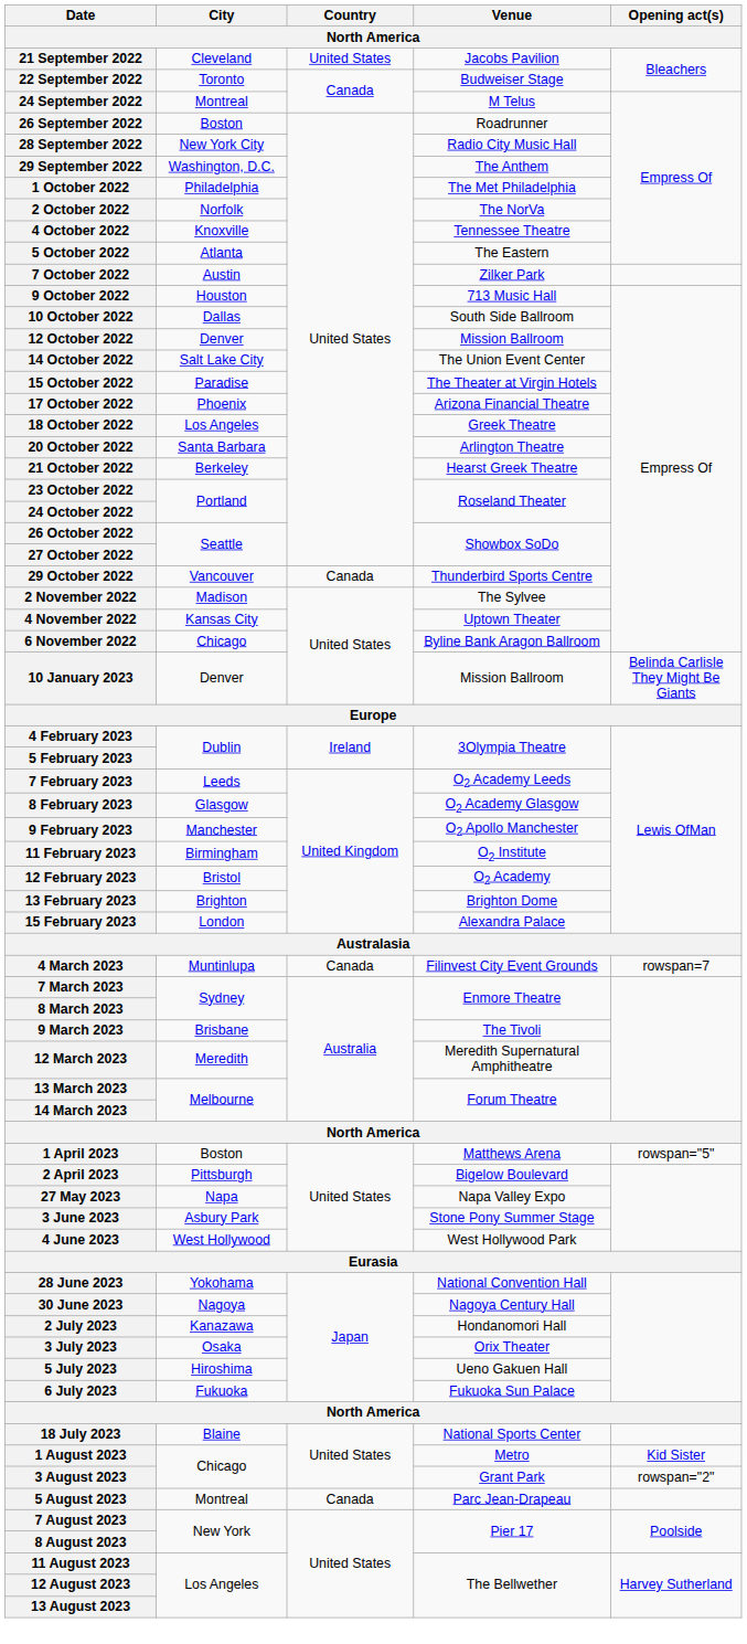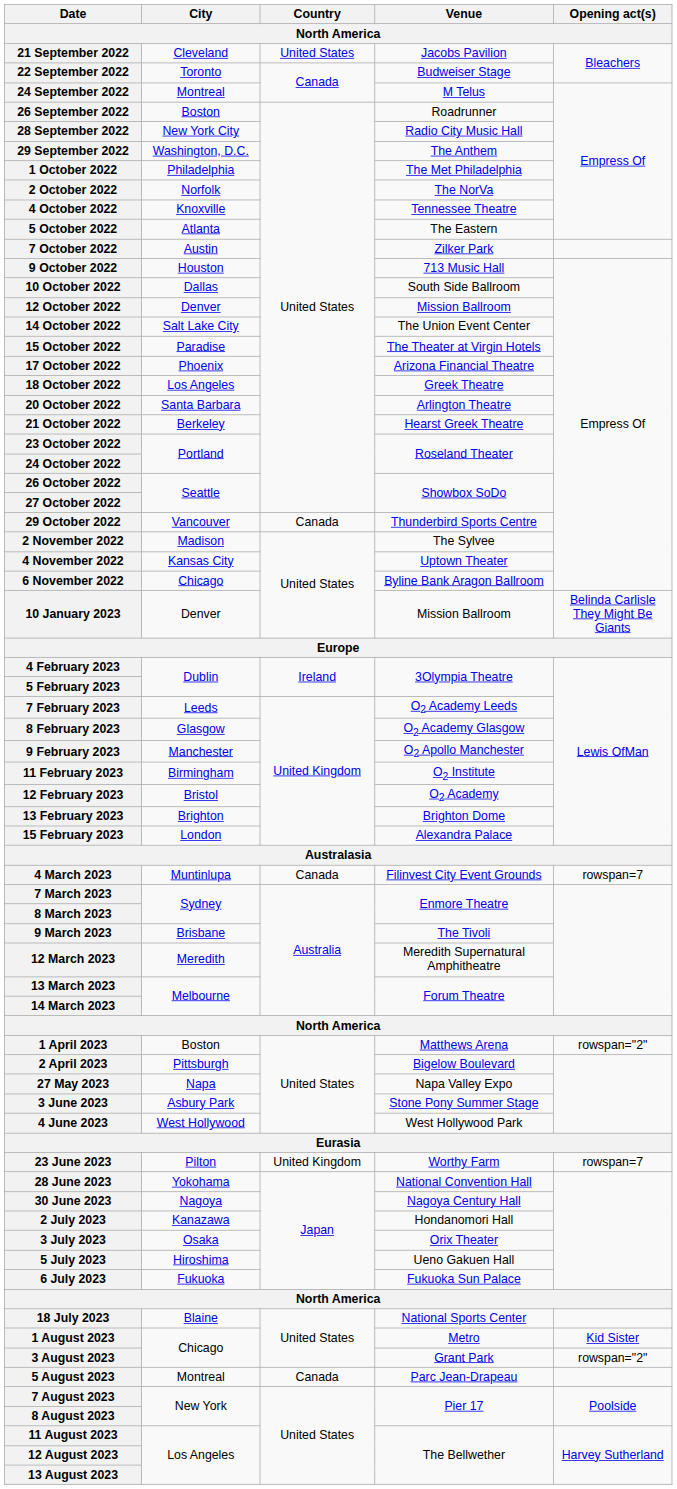 <table class="wikitable plainrowheaders" style="text-align:center;">
 <tr>
 <th scope="col" style="width:12em;">Date</th>
 <th scope="col" style="width:10em;">City</th>
 <th scope="col" style="width:10em;">Country</th>
 <th scope="col" style="width:16em;">Venue</th>
 <th scope="col" style="width:10em;">Opening act(s)</th>
 </tr>
 <tr>
 <th colspan="5">North America</th>
 </tr>
 <tr>
 <th scope="row">21 September 2022</th>
 <td><a href='#'>Cleveland</a></td>
 <td><a href='#'>United States</a></td>
 <td><a href='#'>Jacobs Pavilion</a></td>
 <td rowspan="2"><a href='#'>Bleachers</a></td>
 </tr>
 <tr>
 <th scope="row">22 September 2022</th>
 <td><a href='#'>Toronto</a></td>
 <td rowspan="2"><a href='#'>Canada</a></td>
 <td><a href='#'>Budweiser Stage</a></td>
 </tr>
 <tr>
 <th scope="row">24 September 2022</th>
 <td><a href='#'>Montreal</a></td>
 <td><a href='#'>M Telus</a></td>
 <td rowspan="8"><a href='#'>Empress Of</a></td>
 </tr>
 <tr>
 <th scope="row">26 September 2022</th>
 <td><a href='#'>Boston</a></td>
 <td rowspan="21">United States</td>
 <td>Roadrunner</td>
 </tr>
 <tr>
 <th scope="row">28 September 2022</th>
 <td><a href='#'>New York City</a></td>
 <td><a href='#'>Radio City Music Hall</a></td>
 </tr>
 <tr>
 <th scope="row">29 September 2022</th>
 <td><a href='#'>Washington, D.C.</a></td>
 <td><a href='#'>The Anthem</a></td>
 </tr>
 <tr>
 <th scope="row">1 October 2022</th>
 <td><a href='#'>Philadelphia</a></td>
 <td><a href='#'>The Met Philadelphia</a></td>
 </tr>
 <tr>
 <th scope="row">2 October 2022</th>
 <td><a href='#'>Norfolk</a></td>
 <td><a href='#'>The NorVa</a></td>
 </tr>
 <tr>
 <th scope="row">4 October 2022</th>
 <td><a href='#'>Knoxville</a></td>
 <td><a href='#'>Tennessee Theatre</a></td>
 </tr>
 <tr>
 <th scope="row">5 October 2022</th>
 <td><a href='#'>Atlanta</a></td>
 <td>The Eastern</td>
 </tr>
 <tr>
 <th scope="row">7 October 2022</th>
 <td><a href='#'>Austin</a></td>
 <td><a href='#'>Zilker Park</a></td>
 <td></td>
 </tr>
 <tr>
 <th scope="row">9 October 2022</th>
 <td><a href='#'>Houston</a></td>
 <td><a href='#'>713 Music Hall</a></td>
 <td rowspan="17">Empress Of</td>
 </tr>
 <tr>
 <th scope="row">10 October 2022</th>
 <td><a href='#'>Dallas</a></td>
 <td>South Side Ballroom</td>
 </tr>
 <tr>
 <th scope="row">12 October 2022</th>
 <td><a href='#'>Denver</a></td>
 <td><a href='#'>Mission Ballroom</a></td>
 </tr>
 <tr>
 <th scope="row">14 October 2022</th>
 <td><a href='#'>Salt Lake City</a></td>
 <td>The Union Event Center</td>
 </tr>
 <tr>
 <th scope="row">15 October 2022</th>
 <td><a href='#'>Paradise</a></td>
 <td><a href='#'>The Theater at Virgin Hotels</a></td>
 </tr>
 <tr>
 <th scope="row">17 October 2022</th>
 <td><a href='#'>Phoenix</a></td>
 <td><a href='#'>Arizona Financial Theatre</a></td>
 </tr>
 <tr>
 <th scope="row">18 October 2022</th>
 <td><a href='#'>Los Angeles</a></td>
 <td><a href='#'>Greek Theatre</a></td>
 </tr>
 <tr>
 <th scope="row">20 October 2022</th>
 <td><a href='#'>Santa Barbara</a></td>
 <td><a href='#'>Arlington Theatre</a></td>
 </tr>
 <tr>
 <th scope="row">21 October 2022</th>
 <td><a href='#'>Berkeley</a></td>
 <td><a href='#'>Hearst Greek Theatre</a></td>
 </tr>
 <tr>
 <th scope="row">23 October 2022</th>
 <td rowspan="2"><a href='#'>Portland</a></td>
 <td rowspan="2"><a href='#'>Roseland Theater</a></td>
 </tr>
 <tr>
 <th scope="row">24 October 2022</th>
 </tr>
 <tr>
 <th scope="row">26 October 2022</th>
 <td rowspan="2"><a href='#'>Seattle</a></td>
 <td rowspan="2"><a href='#'>Showbox SoDo</a></td>
 </tr>
 <tr>
 <th scope="row">27 October 2022</th>
 </tr>
 <tr>
 <th scope="row">29 October 2022</th>
 <td><a href='#'>Vancouver</a></td>
 <td>Canada</td>
 <td><a href='#'>Thunderbird Sports Centre</a></td>
 </tr>
 <tr>
 <th scope="row">2 November 2022</th>
 <td><a href='#'>Madison</a></td>
 <td rowspan="4">United States</td>
 <td>The Sylvee</td>
 </tr>
 <tr>
 <th scope="row">4 November 2022</th>
 <td><a href='#'>Kansas City</a></td>
 <td><a href='#'>Uptown Theater</a></td>
 </tr>
 <tr>
 <th scope="row">6 November 2022</th>
 <td><a href='#'>Chicago</a></td>
 <td><a href='#'>Byline Bank Aragon Ballroom</a></td>
 </tr>
 <tr>
 <th scope="row">10 January 2023</th>
 <td>Denver</td>
 <td>Mission Ballroom</td>
 <td><a href='#'>Belinda Carlisle</a><br><a href='#'>They Might Be Giants</a></td>
 </tr>
 <tr>
 <th colspan="5">Europe</th>
 </tr>
 <tr>
 <th scope="row">4 February 2023</th>
 <td rowspan="2"><a href='#'>Dublin</a></td>
 <td rowspan="2"><a href='#'>Ireland</a></td>
 <td rowspan="2"><a href='#'>3Olympia Theatre</a></td>
 <td rowspan="9"><a href='#'>Lewis OfMan</a></td>
 </tr>
 <tr>
 <th scope="row">5 February 2023</th>
 </tr>
 <tr>
 <th scope="row">7 February 2023</th>
 <td><a href='#'>Leeds</a></td>
 <td rowspan="7"><a href='#'>United Kingdom</a></td>
 <td><a href='#'>O<sub>2</sub> Academy Leeds</a></td>
 </tr>
 <tr>
 <th scope="row">8 February 2023</th>
 <td><a href='#'>Glasgow</a></td>
 <td><a href='#'>O<sub>2</sub> Academy Glasgow</a></td>
 </tr>
 <tr>
 <th scope="row">9 February 2023</th>
 <td><a href='#'>Manchester</a></td>
 <td><a href='#'>O<sub>2</sub> Apollo Manchester</a></td>
 </tr>
 <tr>
 <th scope="row">11 February 2023</th>
 <td><a href='#'>Birmingham</a></td>
 <td><a href='#'>O<sub>2</sub> Institute</a></td>
 </tr>
 <tr>
 <th scope="row">12 February 2023</th>
 <td><a href='#'>Bristol</a></td>
 <td><a href='#'>O<sub>2</sub> Academy</a></td>
 </tr>
 <tr>
 <th scope="row">13 February 2023</th>
 <td><a href='#'>Brighton</a></td>
 <td><a href='#'>Brighton Dome</a></td>
 </tr>
 <tr>
 <th scope="row">15 February 2023</th>
 <td><a href='#'>London</a></td>
 <td><a href='#'>Alexandra Palace</a></td>
 </tr>
 <tr>
 <th colspan="5">Australasia</th>
 </tr>
 <tr>
 <th scope="row">4 March 2023</th>
 <td><a href='#'>Muntinlupa</a></td>
 <td>Canada</td>
 <td><a href='#'>Filinvest City Event Grounds</a></td>
 <td>rowspan=7</td>
 </tr>
 <tr>
 <th scope="row">7 March 2023</th>
 <td rowspan="2"><a href='#'>Sydney</a></td>
 <td rowspan="6"><a href='#'>Australia</a></td>
 <td rowspan="2"><a href='#'>Enmore Theatre</a></td>
 </tr>
 <tr>
 <th scope="row">8 March 2023</th>
 </tr>
 <tr>
 <th scope="row">9 March 2023</th>
 <td><a href='#'>Brisbane</a></td>
 <td><a href='#'>The Tivoli</a></td>
 </tr>
 <tr>
 <th scope="row">12 March 2023</th>
 <td><a href='#'>Meredith</a></td>
 <td>Meredith Supernatural Amphitheatre</td>
 </tr>
 <tr>
 <th scope="row">13 March 2023</th>
 <td rowspan="2"><a href='#'>Melbourne</a></td>
 <td rowspan="2"><a href='#'>Forum Theatre</a></td>
 </tr>
 <tr>
 <th scope="row">14 March 2023</th>
 </tr>
 <tr>
 <th colspan="5">North America</th>
 </tr>
 <tr>
 <th scope="row">1 April 2023</th>
 <td>Boston</td>
 <td rowspan="5">United States</td>
 <td><a href='#'>Matthews Arena</a></td>
-<td>rowspan="5" </td>
+<td>rowspan="2" </td>
 </tr>
 <tr>
 <th scope="row">2 April 2023</th>
 <td><a href='#'>Pittsburgh</a></td>
 <td><a href='#'>Bigelow Boulevard</a></td>
 </tr>
 <tr>
 <th scope="row">27 May 2023</th>
 <td><a href='#'>Napa</a></td>
 <td>Napa Valley Expo</td>
 </tr>
 <tr>
 <th scope="row">3 June 2023</th>
 <td><a href='#'>Asbury Park</a></td>
 <td><a href='#'>Stone Pony Summer Stage</a></td>
 </tr>
 <tr>
 <th scope="row">4 June 2023</th>
 <td><a href='#'>West Hollywood</a></td>
 <td>West Hollywood Park</td>
 </tr>
 <tr>
 <th colspan="5">Eurasia</th>
+</tr>
+<tr>
+<th scope="row">23 June 2023</th>
+<td><a href='#'>Pilton</a></td>
+<td>United Kingdom</td>
+<td><a href='#'>Worthy Farm</a></td>
+<td>rowspan=7 </td>
 </tr>
 <tr>
 <th scope="row">28 June 2023</th>
 <td><a href='#'>Yokohama</a></td>
 <td rowspan="6"><a href='#'>Japan</a></td>
 <td><a href='#'>National Convention Hall</a></td>
 </tr>
 <tr>
 <th scope="row">30 June 2023</th>
 <td><a href='#'>Nagoya</a></td>
 <td><a href='#'>Nagoya Century Hall</a></td>
 </tr>
 <tr>
 <th scope="row">2 July 2023</th>
 <td><a href='#'>Kanazawa</a></td>
 <td>Hondanomori Hall</td>
 </tr>
 <tr>
 <th scope="row">3 July 2023</th>
 <td><a href='#'>Osaka</a></td>
 <td><a href='#'>Orix Theater</a></td>
 </tr>
 <tr>
 <th scope="row">5 July 2023</th>
 <td><a href='#'>Hiroshima</a></td>
 <td>Ueno Gakuen Hall</td>
 </tr>
 <tr>
 <th scope="row">6 July 2023</th>
 <td><a href='#'>Fukuoka</a></td>
 <td><a href='#'>Fukuoka Sun Palace</a></td>
 </tr>
 <tr>
 <th colspan="5">North America</th>
 </tr>
 <tr>
 <th scope="row">18 July 2023</th>
 <td><a href='#'>Blaine</a></td>
 <td rowspan=3>United States</td>
 <td><a href='#'>National Sports Center</a></td>
 <td></td>
 </tr>
 <tr>
 <th scope="row">1 August 2023</th>
 <td rowspan="2">Chicago</td>
 <td><a href='#'>Metro</a></td>
 <td><a href='#'>Kid Sister</a></td>
 </tr>
 <tr>
 <th scope="row">3 August 2023</th>
 <td><a href='#'>Grant Park</a></td>
 <td>rowspan="2" </td>
 </tr>
 <tr>
 <th scope="row">5 August 2023</th>
 <td>Montreal</td>
 <td>Canada</td>
 <td><a href='#'>Parc Jean-Drapeau</a></td>
 </tr>
 <tr>
 <th scope="row">7 August 2023</th>
 <td rowspan="2">New York</td>
 <td rowspan="5">United States</td>
 <td rowspan="2"><a href='#'>Pier 17</a></td>
 <td rowspan="2"><a href='#'>Poolside</a></td>
 </tr>
 <tr>
 <th scope="row">8 August 2023</th>
 </tr>
 <tr>
 <th scope="row">11 August 2023</th>
 <td rowspan="3">Los Angeles</td>
 <td rowspan="3">The Bellwether</td>
 <td rowspan="3"><a href='#'>Harvey Sutherland</a></td>
 </tr>
 <tr>
 <th scope="row">12 August 2023</th>
 </tr>
 <tr>
 <th scope="row">13 August 2023</th>
 </tr>
 </table>
